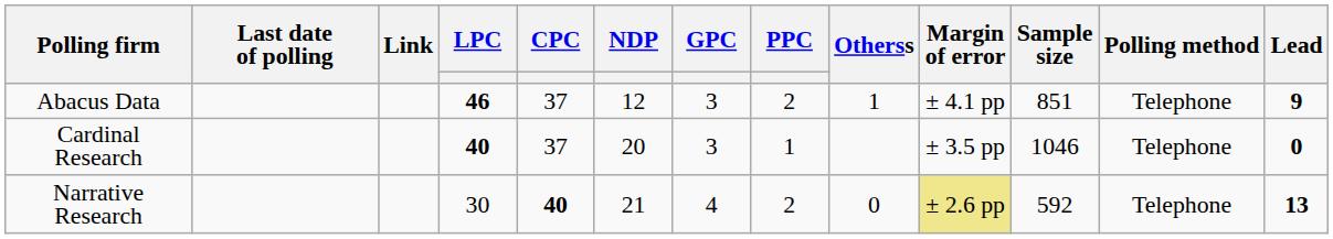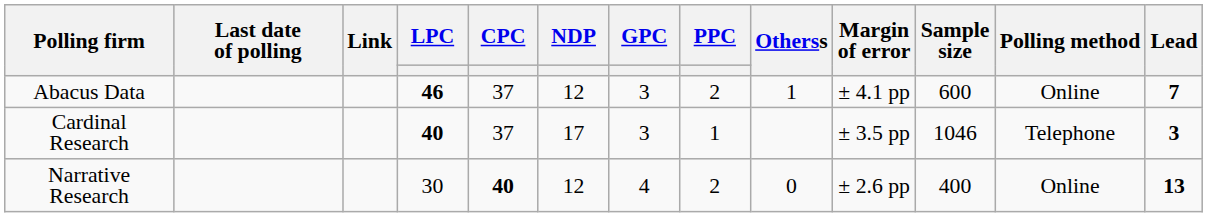 <table class="wikitable sortable mw-datatable" style="text-align:center;font-size:90%;line-height:14px;">
 <tr style="height:40px;">
 <th style="width:105px;" rowspan="2">Polling firm</th>
 <th style="width:105px;" rowspan="2">Last date<br>of polling</th>
 <th rowspan="2">Link</th>
 <th style="width:40px;"><a href='#'>LPC</a></th>
 <th style="width:40px;"><a href='#'>CPC</a></th>
 <th style="width:40px;"><a href='#'>NDP</a></th>
 <th style="width:40px;"><a href='#'>GPC</a></th>
 <th style="width:40px;"><a href='#'>PPC</a></th>
 <th rowspan="2" style="width:40px"><a href='#'>Others</a>s</th>
 <th rowspan="2">Margin<br>of error</th>
 <th rowspan="2">Sample<br>size</th>
 <th rowspan="2">Polling method</th>
 <th rowspan="2">Lead</th>
 </tr>
 <tr class="sorttop">
 <th style="background:"></th>
 <th style="background:"></th>
 <th style="background:"></th>
 <th style="background:"></th>
 <th style="background:"></th>
 </tr>
 <tr>
 <td>Abacus Data</td>
 <td></td>
 <td></td>
 <td><strong>46</strong></td>
 <td>37</td>
 <td>12</td>
 <td>3</td>
 <td>2</td>
 <td>1</td>
 <td>± 4.1 pp</td>
-<td>851</td>
-<td>Telephone</td>
-<td><strong>9</strong></td>
+<td>600</td>
+<td>Online</td>
+<td><strong>7</strong></td>
 </tr>
 <tr>
 <td>Cardinal Research</td>
 <td></td>
 <td></td>
 <td><strong>40</strong></td>
 <td>37</td>
-<td>20</td>
+<td>17</td>
 <td>3</td>
 <td>1</td>
 <td></td>
 <td>± 3.5 pp</td>
 <td>1046</td>
 <td>Telephone</td>
-<td><strong>0</strong></td>
+<td><strong>3</strong></td>
 </tr>
 <tr>
 <td>Narrative Research</td>
 <td></td>
 <td></td>
 <td>30</td>
 <td><strong>40</strong></td>
-<td>21</td>
+<td>12</td>
 <td>4</td>
 <td>2</td>
 <td>0</td>
-<td style="background: khaki;">± 2.6 pp</td>
-<td>592</td>
-<td>Telephone</td>
+<td>± 2.6 pp</td>
+<td>400</td>
+<td>Online</td>
 <td><strong>13</strong></td>
 </tr>
 </table>
